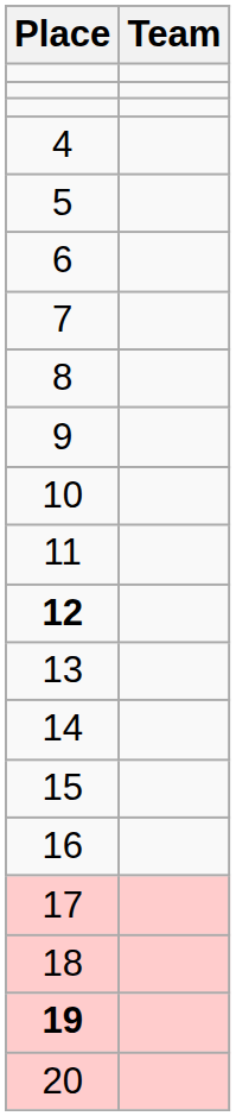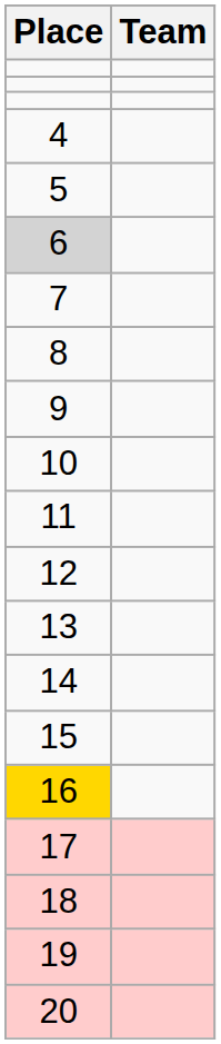 <table class="wikitable">
 <tr>
 <th>Place</th>
 <th>Team</th>
 </tr>
 <tr>
 <td align=center></td>
 <td></td>
 </tr>
 <tr>
 <td align=center></td>
 <td></td>
 </tr>
 <tr>
 <td align=center></td>
 <td></td>
 </tr>
 <tr>
 <td align=center>4</td>
 <td></td>
 </tr>
 <tr>
 <td align=center>5</td>
 <td></td>
 </tr>
 <tr>
-<td align=center>6</td>
+<td align=center style="background: lightgrey;">6</td>
 <td></td>
 </tr>
 <tr>
 <td align=center>7</td>
 <td></td>
 </tr>
 <tr>
 <td align=center>8</td>
 <td></td>
 </tr>
 <tr>
 <td align=center>9</td>
 <td></td>
 </tr>
 <tr>
 <td align=center>10</td>
 <td></td>
 </tr>
 <tr>
 <td align=center>11</td>
 <td></td>
 </tr>
 <tr>
-<td align=center><strong>12</strong></td>
+<td align=center>12</td>
 <td></td>
 </tr>
 <tr>
 <td align=center>13</td>
 <td></td>
 </tr>
 <tr>
 <td align=center>14</td>
 <td></td>
 </tr>
 <tr>
 <td align=center>15</td>
 <td></td>
 </tr>
 <tr>
-<td align=center>16</td>
+<td align=center style="background: gold;">16</td>
 <td></td>
 </tr>
 <tr bgcolor=#ffcccc>
 <td align=center>17</td>
 <td></td>
 </tr>
 <tr bgcolor=#ffcccc>
 <td align=center>18</td>
 <td></td>
 </tr>
 <tr bgcolor=#ffcccc>
-<td align=center><strong>19</strong></td>
+<td align=center>19</td>
 <td></td>
 </tr>
 <tr bgcolor=#ffcccc>
 <td align=center>20</td>
 <td></td>
 </tr>
 </table>
